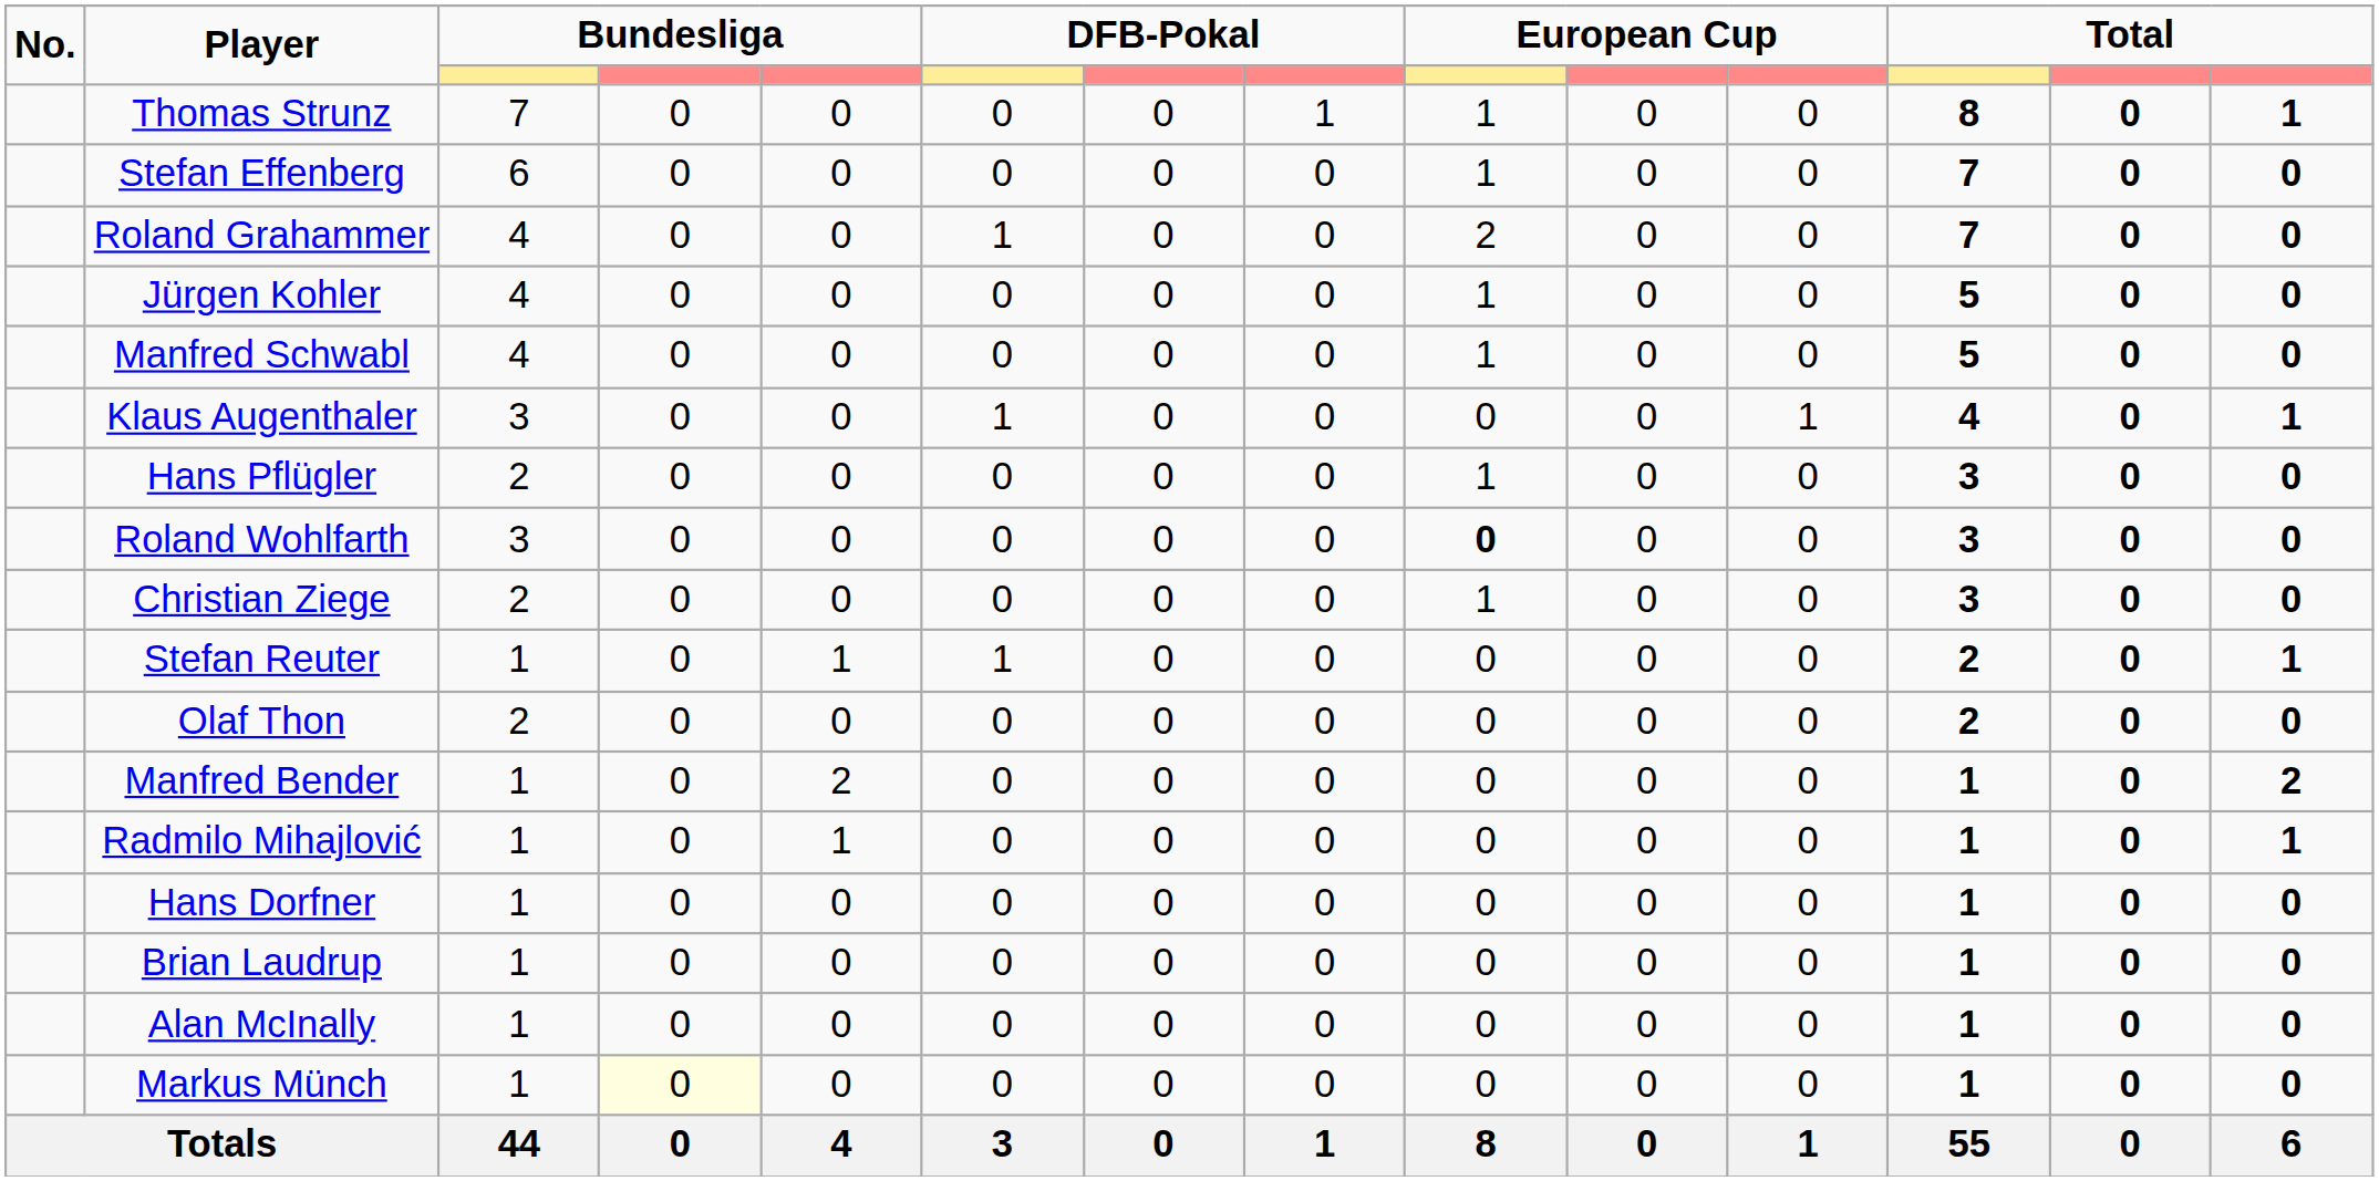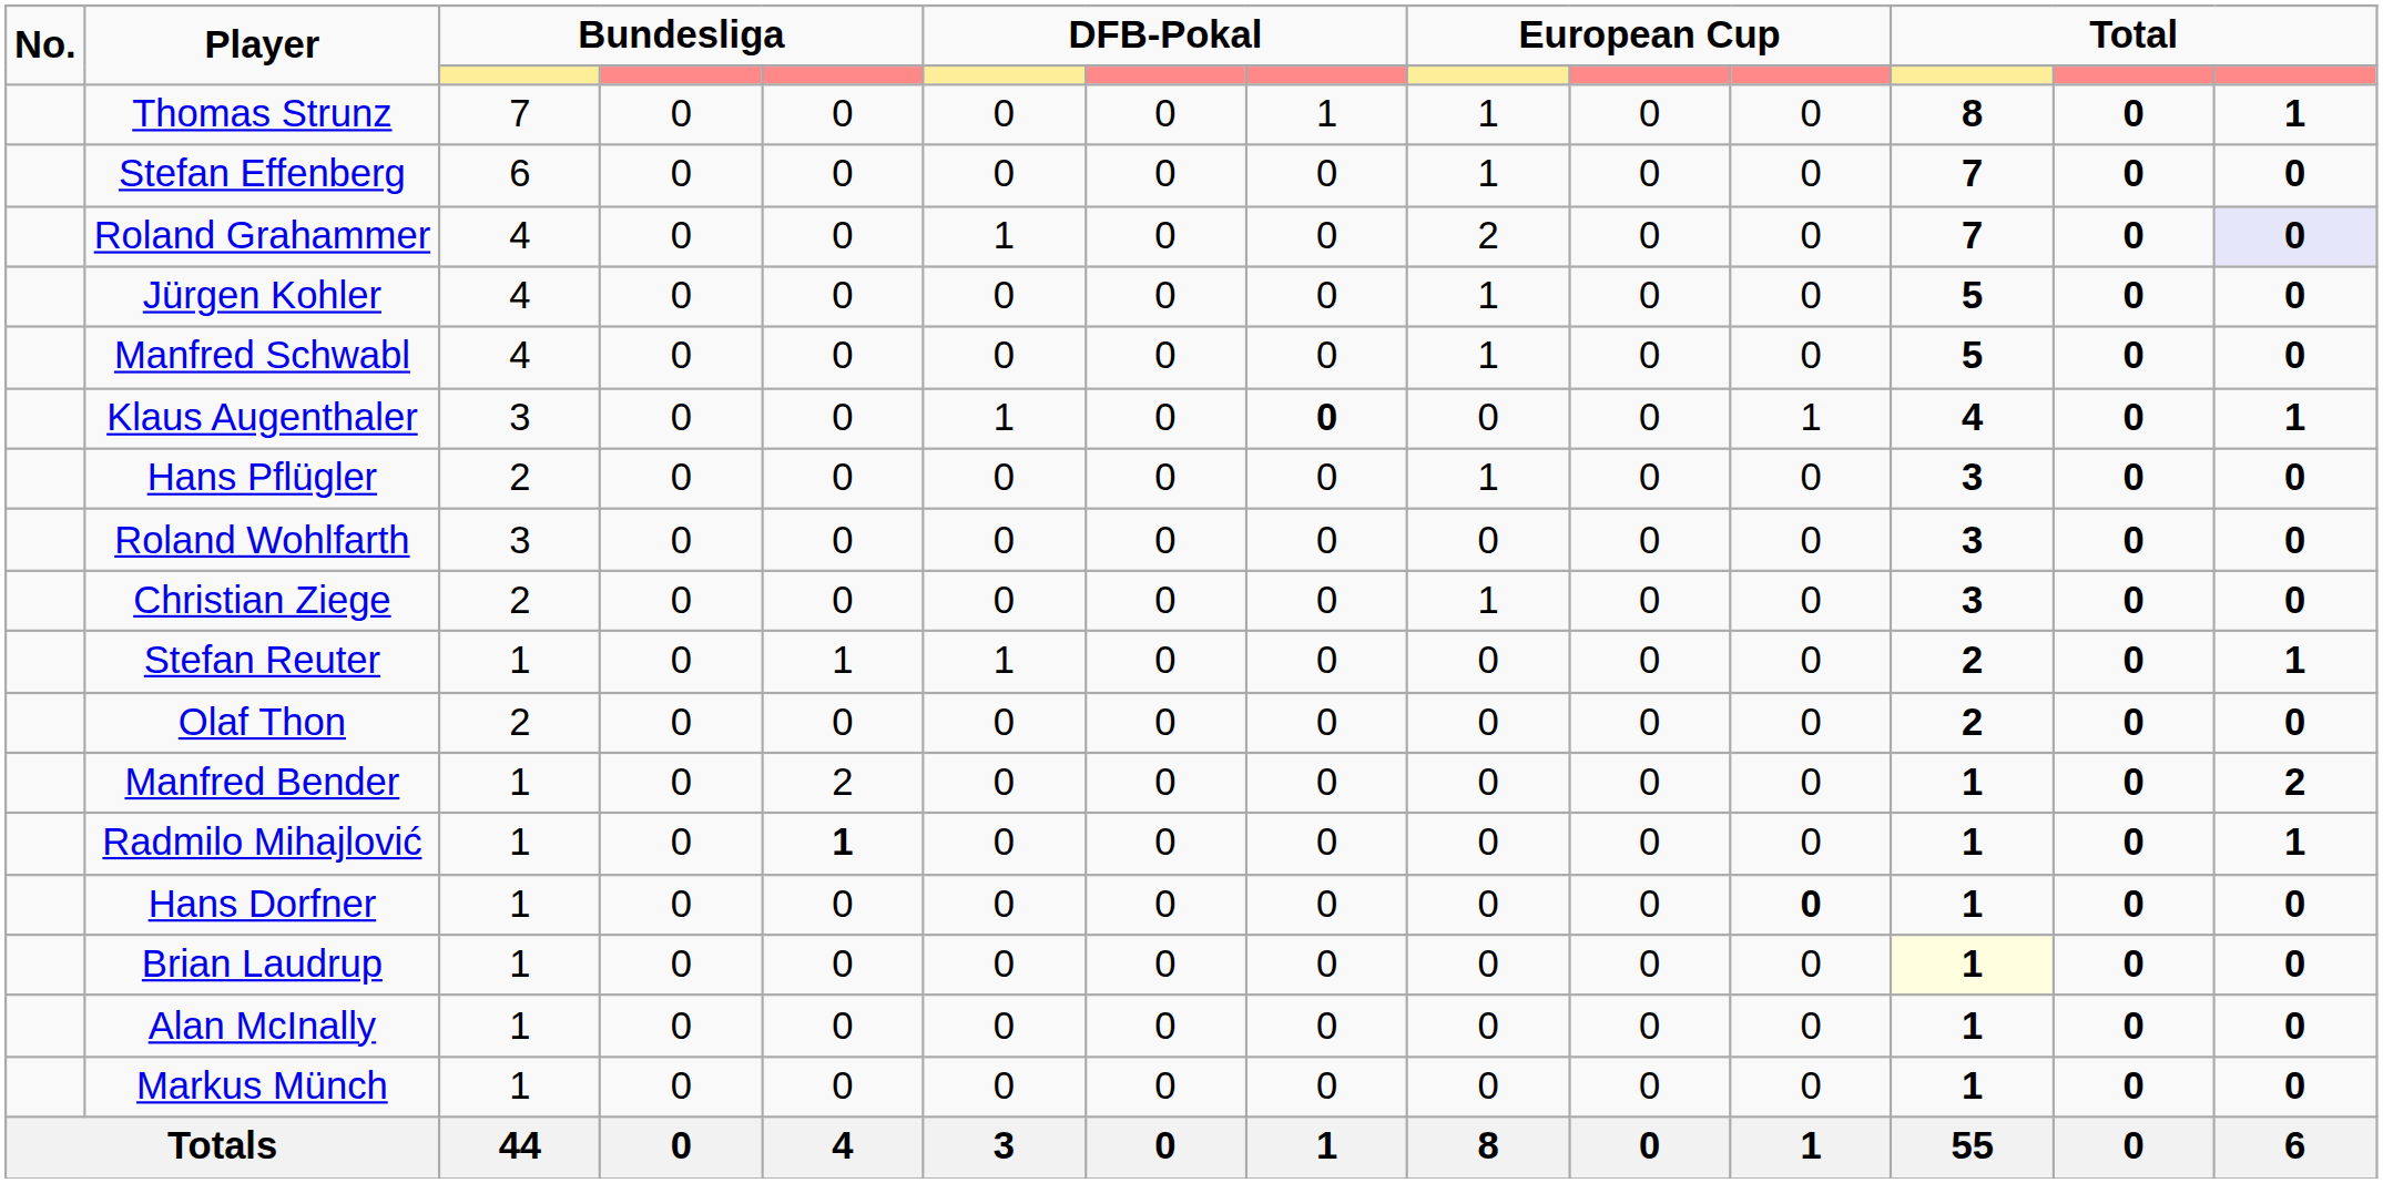 <table class="wikitable" style="text-align:center;">
 <tr style="text-align:center;">
 <td rowspan="2"><strong>No.</strong></td>
 <td rowspan="2"><strong>Player</strong></td>
 <td colspan="3"><strong>Bundesliga</strong></td>
 <td colspan="3"><strong>DFB-Pokal</strong></td>
 <td colspan="3"><strong>European Cup</strong></td>
 <td colspan="3"><strong>Total</strong></td>
 </tr>
 <tr>
 <th style="width:60px; background:#fe9;"></th>
 <th style="width:60px; background:#ff8888;"></th>
 <th style="width:60px; background:#ff8888;"></th>
 <th style="width:60px; background:#fe9;"></th>
 <th style="width:60px; background:#ff8888;"></th>
 <th style="width:60px; background:#ff8888;"></th>
 <th style="width:60px; background:#fe9;"></th>
 <th style="width:60px; background:#ff8888;"></th>
 <th style="width:60px; background:#ff8888;"></th>
 <th style="width:60px; background:#fe9;"></th>
 <th style="width:60px; background:#ff8888;"></th>
 <th style="width:60px; background:#ff8888;"></th>
 </tr>
 <tr>
 <td></td>
 <td><a href='#'>Thomas Strunz</a></td>
 <td>7</td>
 <td>0</td>
 <td>0</td>
 <td>0</td>
 <td>0</td>
 <td>1</td>
 <td>1</td>
 <td>0</td>
 <td>0</td>
 <td><strong>8</strong></td>
 <td><strong>0</strong></td>
 <td><strong>1</strong></td>
 </tr>
 <tr>
 <td></td>
 <td><a href='#'>Stefan Effenberg</a></td>
 <td>6</td>
 <td>0</td>
 <td>0</td>
 <td>0</td>
 <td>0</td>
 <td>0</td>
 <td>1</td>
 <td>0</td>
 <td>0</td>
 <td><strong>7</strong></td>
 <td><strong>0</strong></td>
 <td><strong>0</strong></td>
 </tr>
 <tr>
 <td></td>
 <td><a href='#'>Roland Grahammer</a></td>
 <td>4</td>
 <td>0</td>
 <td>0</td>
 <td>1</td>
 <td>0</td>
 <td>0</td>
 <td>2</td>
 <td>0</td>
 <td>0</td>
 <td><strong>7</strong></td>
 <td><strong>0</strong></td>
-<td><strong>0</strong></td>
+<td style="background: lavender;"><strong>0</strong></td>
 </tr>
 <tr>
 <td></td>
 <td><a href='#'>Jürgen Kohler</a></td>
 <td>4</td>
 <td>0</td>
 <td>0</td>
 <td>0</td>
 <td>0</td>
 <td>0</td>
 <td>1</td>
 <td>0</td>
 <td>0</td>
 <td><strong>5</strong></td>
 <td><strong>0</strong></td>
 <td><strong>0</strong></td>
 </tr>
 <tr>
 <td></td>
 <td><a href='#'>Manfred Schwabl</a></td>
 <td>4</td>
 <td>0</td>
 <td>0</td>
 <td>0</td>
 <td>0</td>
 <td>0</td>
 <td>1</td>
 <td>0</td>
 <td>0</td>
 <td><strong>5</strong></td>
 <td><strong>0</strong></td>
 <td><strong>0</strong></td>
 </tr>
 <tr>
 <td></td>
 <td><a href='#'>Klaus Augenthaler</a></td>
 <td>3</td>
 <td>0</td>
 <td>0</td>
 <td>1</td>
 <td>0</td>
-<td>0</td>
+<td><strong>0</strong></td>
 <td>0</td>
 <td>0</td>
 <td>1</td>
 <td><strong>4</strong></td>
 <td><strong>0</strong></td>
 <td><strong>1</strong></td>
 </tr>
 <tr>
 <td></td>
 <td><a href='#'>Hans Pflügler</a></td>
 <td>2</td>
 <td>0</td>
 <td>0</td>
 <td>0</td>
 <td>0</td>
 <td>0</td>
 <td>1</td>
 <td>0</td>
 <td>0</td>
 <td><strong>3</strong></td>
 <td><strong>0</strong></td>
 <td><strong>0</strong></td>
 </tr>
 <tr>
 <td></td>
 <td><a href='#'>Roland Wohlfarth</a></td>
 <td>3</td>
 <td>0</td>
 <td>0</td>
 <td>0</td>
 <td>0</td>
 <td>0</td>
-<td><strong>0</strong></td>
+<td>0</td>
 <td>0</td>
 <td>0</td>
 <td><strong>3</strong></td>
 <td><strong>0</strong></td>
 <td><strong>0</strong></td>
 </tr>
 <tr>
 <td></td>
 <td><a href='#'>Christian Ziege</a></td>
 <td>2</td>
 <td>0</td>
 <td>0</td>
 <td>0</td>
 <td>0</td>
 <td>0</td>
 <td>1</td>
 <td>0</td>
 <td>0</td>
 <td><strong>3</strong></td>
 <td><strong>0</strong></td>
 <td><strong>0</strong></td>
 </tr>
 <tr>
 <td></td>
 <td><a href='#'>Stefan Reuter</a></td>
 <td>1</td>
 <td>0</td>
 <td>1</td>
 <td>1</td>
 <td>0</td>
 <td>0</td>
 <td>0</td>
 <td>0</td>
 <td>0</td>
 <td><strong>2</strong></td>
 <td><strong>0</strong></td>
 <td><strong>1</strong></td>
 </tr>
 <tr>
 <td></td>
 <td><a href='#'>Olaf Thon</a></td>
 <td>2</td>
 <td>0</td>
 <td>0</td>
 <td>0</td>
 <td>0</td>
 <td>0</td>
 <td>0</td>
 <td>0</td>
 <td>0</td>
 <td><strong>2</strong></td>
 <td><strong>0</strong></td>
 <td><strong>0</strong></td>
 </tr>
 <tr>
 <td></td>
 <td><a href='#'>Manfred Bender</a></td>
 <td>1</td>
 <td>0</td>
 <td>2</td>
 <td>0</td>
 <td>0</td>
 <td>0</td>
 <td>0</td>
 <td>0</td>
 <td>0</td>
 <td><strong>1</strong></td>
 <td><strong>0</strong></td>
 <td><strong>2</strong></td>
 </tr>
 <tr>
 <td></td>
 <td><a href='#'>Radmilo Mihajlović</a></td>
 <td>1</td>
 <td>0</td>
-<td>1</td>
+<td><strong>1</strong></td>
 <td>0</td>
 <td>0</td>
 <td>0</td>
 <td>0</td>
 <td>0</td>
 <td>0</td>
 <td><strong>1</strong></td>
 <td><strong>0</strong></td>
 <td><strong>1</strong></td>
 </tr>
 <tr>
 <td></td>
 <td><a href='#'>Hans Dorfner</a></td>
 <td>1</td>
 <td>0</td>
 <td>0</td>
 <td>0</td>
 <td>0</td>
 <td>0</td>
 <td>0</td>
 <td>0</td>
-<td>0</td>
+<td><strong>0</strong></td>
 <td><strong>1</strong></td>
 <td><strong>0</strong></td>
 <td><strong>0</strong></td>
 </tr>
 <tr>
 <td></td>
 <td><a href='#'>Brian Laudrup</a></td>
 <td>1</td>
 <td>0</td>
 <td>0</td>
 <td>0</td>
 <td>0</td>
 <td>0</td>
 <td>0</td>
 <td>0</td>
 <td>0</td>
-<td><strong>1</strong></td>
+<td style="background: lightyellow;"><strong>1</strong></td>
 <td><strong>0</strong></td>
 <td><strong>0</strong></td>
 </tr>
 <tr>
 <td></td>
 <td><a href='#'>Alan McInally</a></td>
 <td>1</td>
 <td>0</td>
 <td>0</td>
 <td>0</td>
 <td>0</td>
 <td>0</td>
 <td>0</td>
 <td>0</td>
 <td>0</td>
 <td><strong>1</strong></td>
 <td><strong>0</strong></td>
 <td><strong>0</strong></td>
 </tr>
 <tr>
 <td></td>
 <td><a href='#'>Markus Münch</a></td>
 <td>1</td>
-<td style="background: lightyellow;">0</td>
+<td>0</td>
 <td>0</td>
 <td>0</td>
 <td>0</td>
 <td>0</td>
 <td>0</td>
 <td>0</td>
 <td>0</td>
 <td><strong>1</strong></td>
 <td><strong>0</strong></td>
 <td><strong>0</strong></td>
 </tr>
 <tr>
 <th colspan="2">Totals</th>
 <th>44</th>
 <th>0</th>
 <th>4</th>
 <th>3</th>
 <th>0</th>
 <th>1</th>
 <th>8</th>
 <th>0</th>
 <th>1</th>
 <th>55</th>
 <th>0</th>
 <th>6</th>
 </tr>
 <tr>
 </tr>
 </table>
